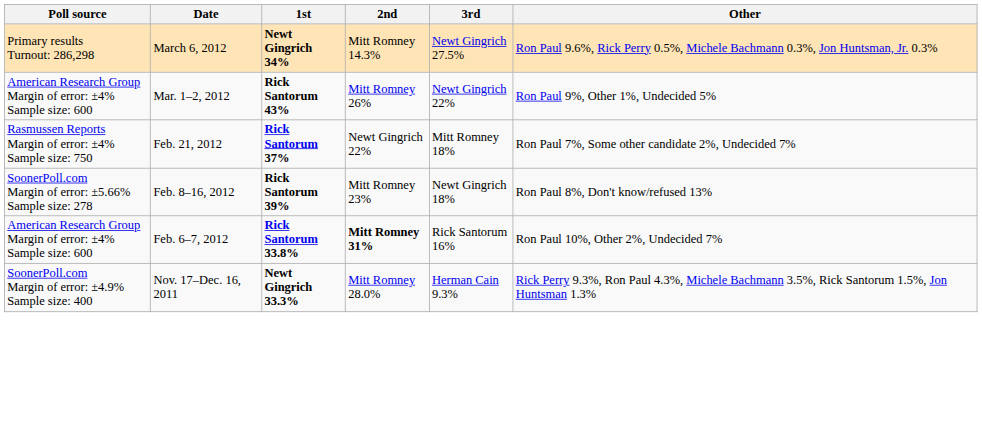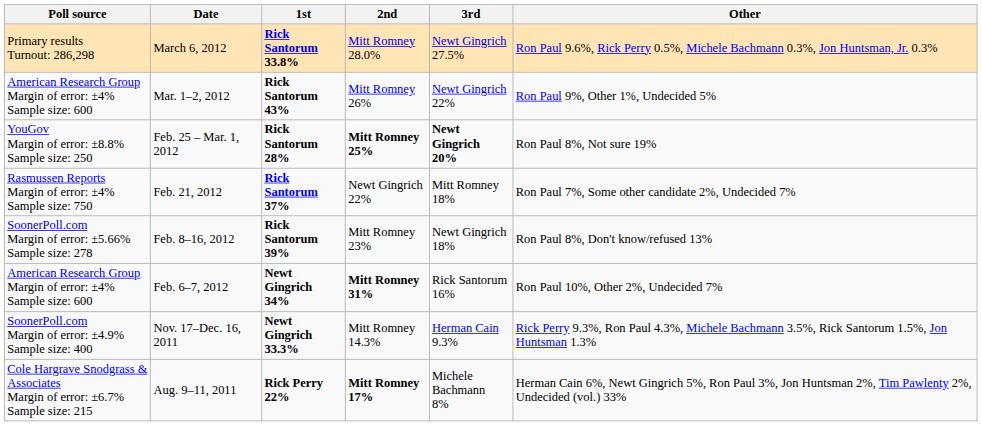 <table class="wikitable">
 <tr>
 <th style="width:180px;">Poll source</th>
 <th style="width:135px;">Date</th>
 <th style="width:100px;">1st</th>
 <th style="width:100px;">2nd</th>
 <th style="width:100px;">3rd</th>
 <th>Other</th>
 </tr>
 <tr style="background:Moccasin;">
 <td>Primary results<br>Turnout: 286,298</td>
 <td>March 6, 2012</td>
-<td><strong>Newt Gingrich<br>34%</strong></td>
-<td>Mitt Romney<br>14.3%</td>
+<td><strong><a href='#'>Rick Santorum</a> 33.8% </strong></td>
+<td><a href='#'>Mitt Romney</a><br>28.0%</td>
 <td><a href='#'>Newt Gingrich</a><br>27.5%</td>
 <td><a href='#'>Ron Paul</a> 9.6%, <a href='#'>Rick Perry</a> 0.5%, <a href='#'>Michele Bachmann</a> 0.3%, <a href='#'>Jon Huntsman, Jr.</a> 0.3%</td>
 </tr>
 <tr>
 <td><a href='#'>American Research Group</a><br>Margin of error: ±4% <br>Sample size: 600</td>
 <td>Mar. 1–2, 2012</td>
 <td><strong>Rick Santorum<br>43%</strong></td>
 <td><a href='#'>Mitt Romney</a><br>26%</td>
 <td><a href='#'>Newt Gingrich</a><br>22%</td>
 <td><a href='#'>Ron Paul</a> 9%, Other 1%, Undecided 5%</td>
+</tr>
+<tr>
+<td><a href='#'>YouGov</a><br>Margin of error: ±8.8% <br>Sample size: 250</td>
+<td>Feb. 25 – Mar. 1, 2012</td>
+<td><strong>Rick Santorum<br>28%</strong></td>
+<td><strong>Mitt Romney<br>25%</strong></td>
+<td><strong>Newt Gingrich<br>20%</strong></td>
+<td>Ron Paul 8%, Not sure 19%</td>
 </tr>
 <tr>
 <td><a href='#'>Rasmussen Reports</a><br>Margin of error: ±4% <br>Sample size: 750</td>
 <td>Feb. 21, 2012</td>
 <td><strong><a href='#'>Rick Santorum</a><br>37%</strong></td>
 <td>Newt Gingrich<br>22%</td>
 <td>Mitt Romney<br>18%</td>
 <td>Ron Paul 7%, Some other candidate 2%, Undecided 7%</td>
 </tr>
 <tr>
 <td><a href='#'>SoonerPoll.com</a><br>Margin of error: ±5.66% <br>Sample size: 278</td>
 <td>Feb. 8–16, 2012</td>
 <td><strong>Rick Santorum<br>39%</strong></td>
 <td>Mitt Romney<br>23%</td>
 <td>Newt Gingrich<br>18%</td>
 <td>Ron Paul 8%, Don't know/refused 13%</td>
 </tr>
 <tr>
 <td><a href='#'>American Research Group</a><br>Margin of error: ±4% <br>Sample size: 600</td>
 <td>Feb. 6–7, 2012</td>
-<td><strong><a href='#'>Rick Santorum</a> 33.8% </strong></td>
+<td><strong>Newt Gingrich<br>34%</strong></td>
 <td><strong>Mitt Romney<br>31%</strong></td>
 <td>Rick Santorum<br>16%</td>
 <td>Ron Paul 10%, Other 2%, Undecided 7%</td>
 </tr>
 <tr>
 <td><a href='#'>SoonerPoll.com</a><br>Margin of error: ±4.9% <br>Sample size: 400</td>
 <td>Nov. 17–Dec. 16, 2011</td>
 <td><strong>Newt Gingrich<br>33.3%</strong></td>
-<td><a href='#'>Mitt Romney</a><br>28.0%</td>
+<td>Mitt Romney<br>14.3%</td>
 <td><a href='#'>Herman Cain</a><br>9.3%</td>
 <td><a href='#'>Rick Perry</a> 9.3%, Ron Paul 4.3%, <a href='#'>Michele Bachmann</a> 3.5%, Rick Santorum 1.5%, <a href='#'>Jon Huntsman</a> 1.3%</td>
 </tr>
+<tr>
+<td><a href='#'>Cole Hargrave Snodgrass & Associates</a><br>Margin of error: ±6.7% <br>Sample size: 215</td>
+<td>Aug. 9–11, 2011</td>
+<td><strong>Rick Perry<br> 22%</strong></td>
+<td><strong>Mitt Romney<br> 17%</strong></td>
+<td>Michele Bachmann<br> 8%</td>
+<td>Herman Cain 6%, Newt Gingrich 5%, Ron Paul 3%, Jon Huntsman 2%, <a href='#'>Tim Pawlenty</a> 2%, Undecided (vol.) 33%</td>
+</tr>
 </table>
